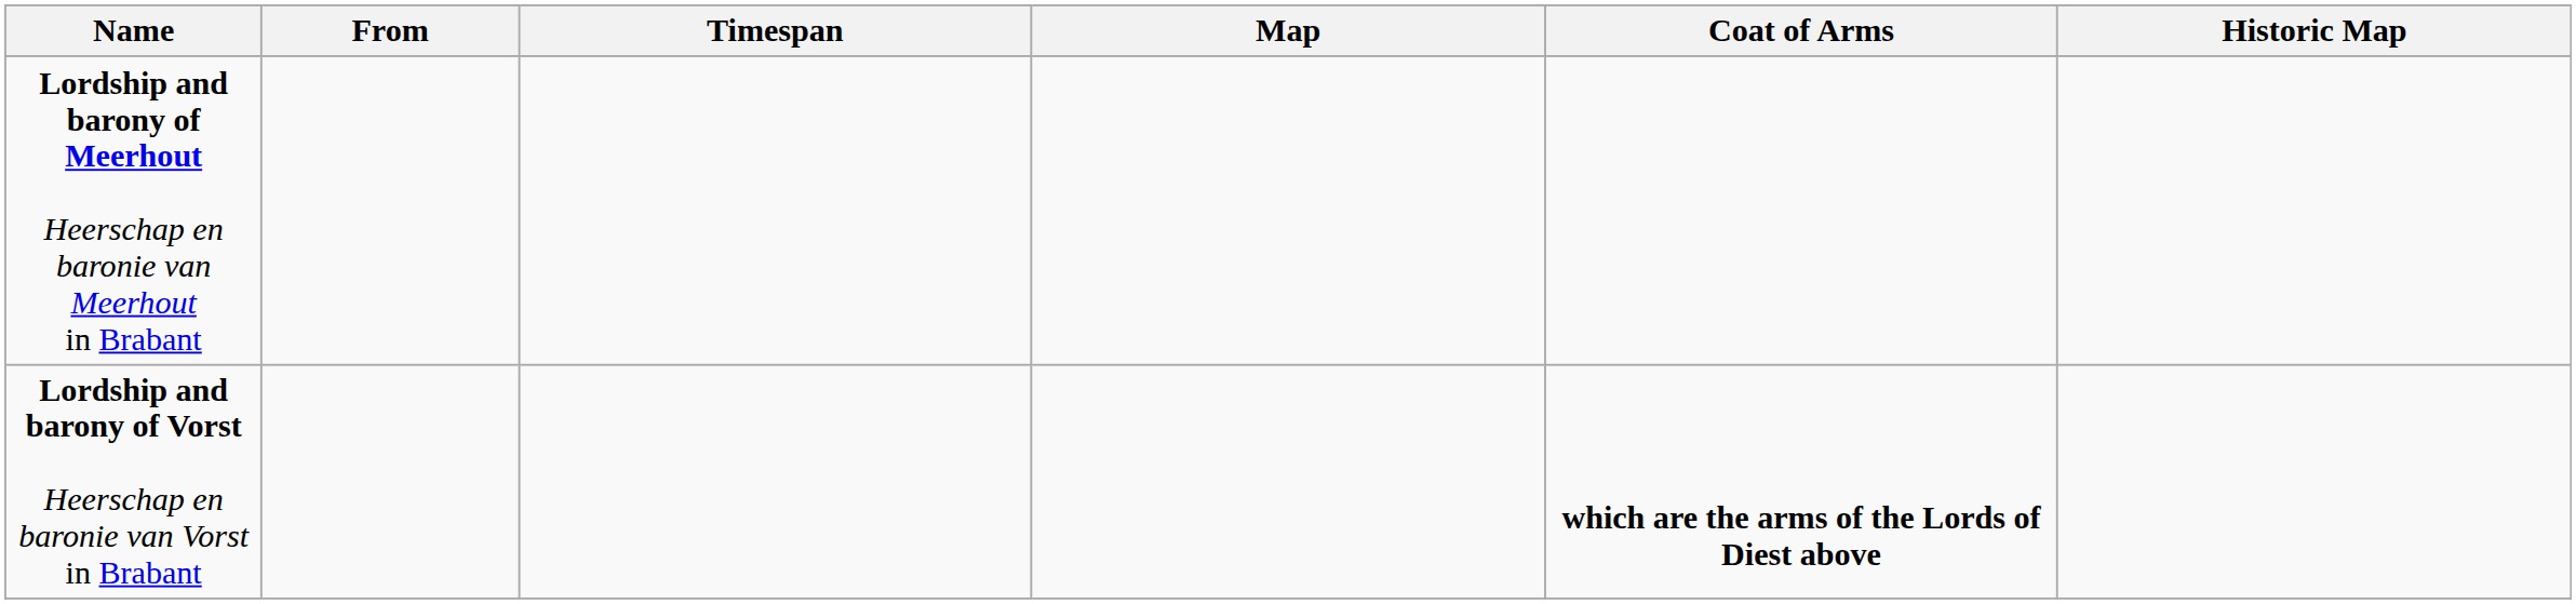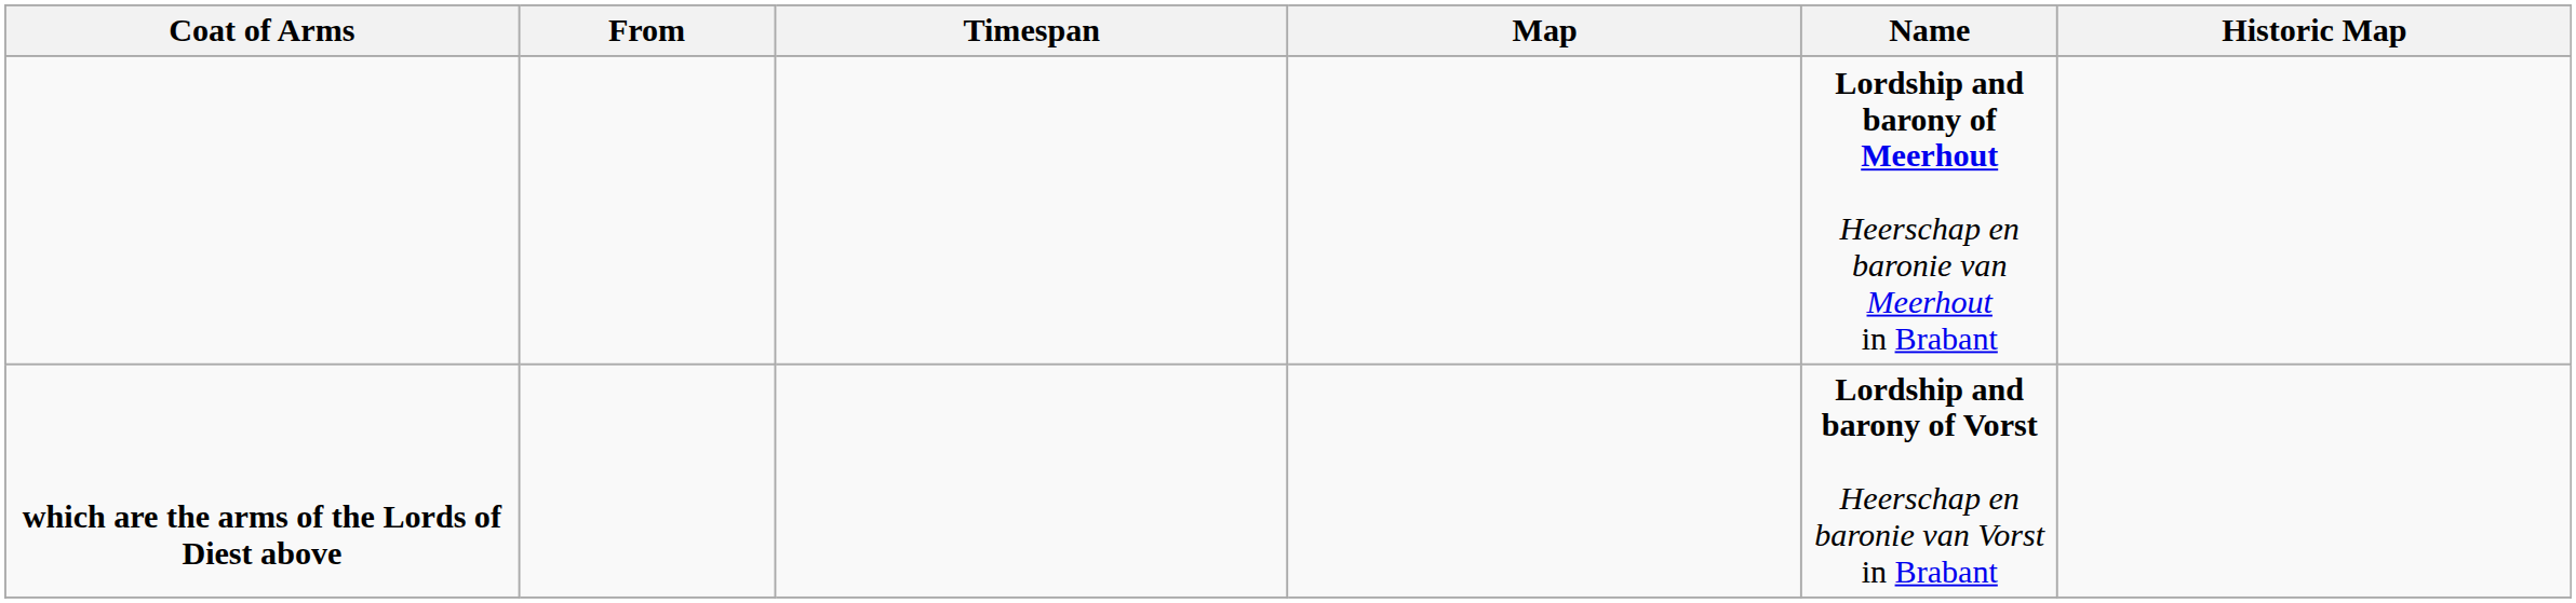 <table class="wikitable" style="text-align:center; width:100%">
 <tr>
-<th width=10%>Name</th>
+<th width=20%>Coat of Arms</th>
 <th width=10%>From</th>
 <th width=20%>Timespan</th>
 <th width=20%>Map</th>
-<th width=20%>Coat of Arms</th>
+<th width=10%>Name</th>
 <th width=20%>Historic Map</th>
 </tr>
 <tr>
-<td><strong>Lordship and barony of <a href='#'>Meerhout</a></strong><br><br><em>Heerschap en baronie van <a href='#'>Meerhout</a></em><br> in <a href='#'>Brabant</a></td>
+<td><br><br></td>
 <td></td>
 <td></td>
 <td></td>
-<td><br><br></td>
+<td><strong>Lordship and barony of <a href='#'>Meerhout</a></strong><br><br><em>Heerschap en baronie van <a href='#'>Meerhout</a></em><br> in <a href='#'>Brabant</a></td>
 <td></td>
 </tr>
 <tr>
-<td><strong>Lordship and barony of Vorst</strong><br><br><em>Heerschap en baronie van Vorst</em><br> in <a href='#'>Brabant</a></td>
+<td><br><br><br><strong>which are the arms of the Lords of Diest above</strong></td>
 <td></td>
 <td></td>
 <td></td>
-<td><br><br><br><strong>which are the arms of the Lords of Diest above</strong></td>
+<td><strong>Lordship and barony of Vorst</strong><br><br><em>Heerschap en baronie van Vorst</em><br> in <a href='#'>Brabant</a></td>
 <td></td>
 </tr>
 </table>
